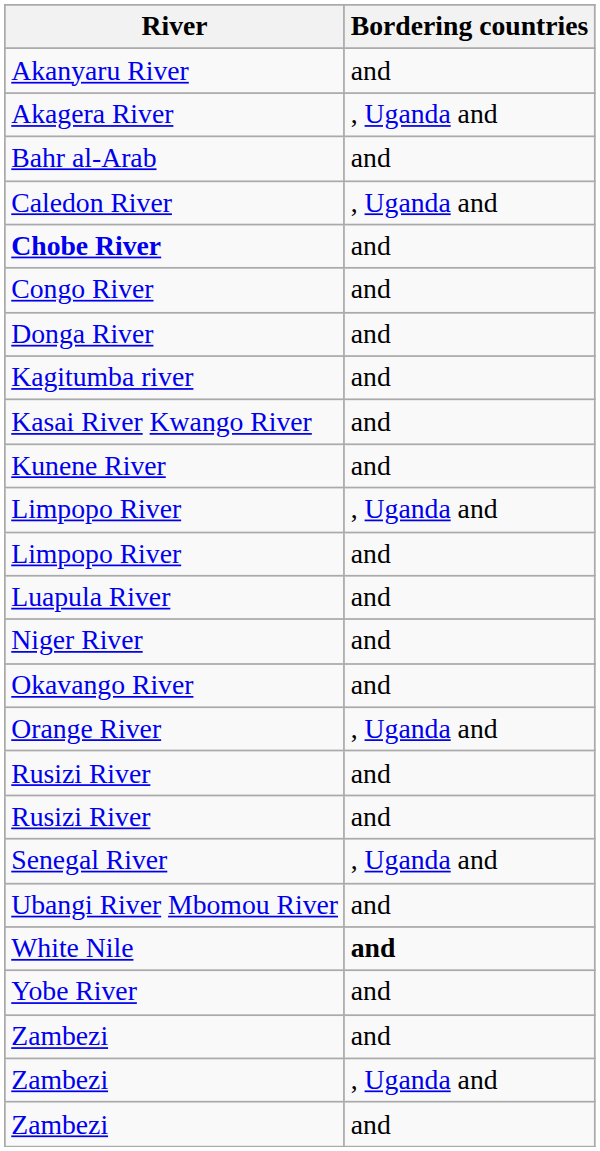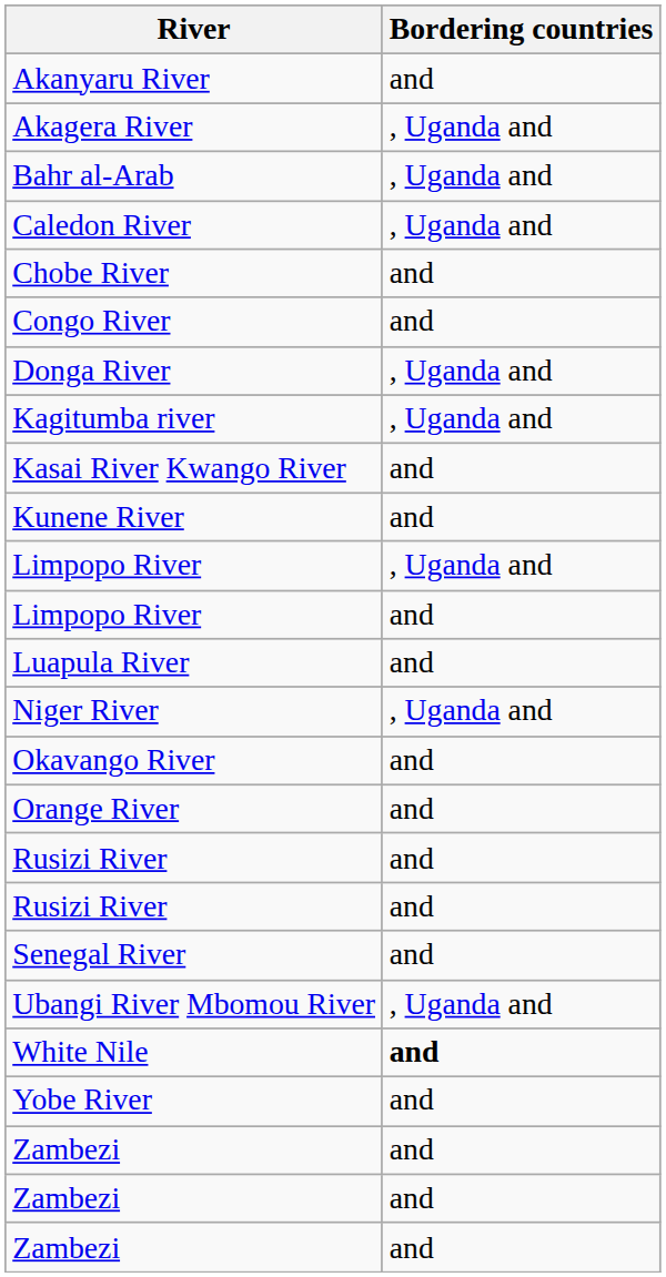 <table class="wikitable sortable">
 <tr>
 <th>River</th>
 <th>Bordering countries</th>
 </tr>
 <tr>
 <td><a href='#'>Akanyaru River</a></td>
 <td> and </td>
 </tr>
 <tr>
 <td><a href='#'>Akagera River</a></td>
 <td>, <a href='#'>Uganda</a> and </td>
 </tr>
 <tr>
 <td><a href='#'>Bahr al-Arab</a></td>
-<td> and </td>
+<td>, <a href='#'>Uganda</a> and </td>
 </tr>
 <tr>
 <td><a href='#'>Caledon River</a></td>
 <td>, <a href='#'>Uganda</a> and </td>
 </tr>
 <tr>
-<td><strong><a href='#'>Chobe River</a></strong></td>
+<td><a href='#'>Chobe River</a></td>
 <td> and </td>
 </tr>
 <tr>
 <td><a href='#'>Congo River</a></td>
 <td> and </td>
 </tr>
 <tr>
 <td><a href='#'>Donga River</a></td>
-<td> and </td>
+<td>, <a href='#'>Uganda</a> and </td>
 </tr>
 <tr>
 <td><a href='#'>Kagitumba river</a></td>
-<td> and </td>
+<td>, <a href='#'>Uganda</a> and </td>
 </tr>
 <tr>
 <td><a href='#'>Kasai River</a> <a href='#'>Kwango River</a></td>
 <td> and </td>
 </tr>
 <tr>
 <td><a href='#'>Kunene River</a></td>
 <td> and </td>
 </tr>
 <tr>
 <td><a href='#'>Limpopo River</a></td>
 <td>, <a href='#'>Uganda</a> and </td>
 </tr>
 <tr>
 <td><a href='#'>Limpopo River</a></td>
 <td> and </td>
 </tr>
 <tr>
 <td><a href='#'>Luapula River</a></td>
 <td> and </td>
 </tr>
 <tr>
 <td><a href='#'>Niger River</a></td>
-<td> and </td>
+<td>, <a href='#'>Uganda</a> and </td>
 </tr>
 <tr>
 <td><a href='#'>Okavango River</a></td>
 <td> and </td>
 </tr>
 <tr>
 <td><a href='#'>Orange River</a></td>
-<td>, <a href='#'>Uganda</a> and </td>
+<td> and </td>
 </tr>
 <tr>
 <td><a href='#'>Rusizi River</a></td>
 <td> and </td>
 </tr>
 <tr>
 <td><a href='#'>Rusizi River</a></td>
 <td> and </td>
 </tr>
 <tr>
 <td><a href='#'>Senegal River</a></td>
-<td>, <a href='#'>Uganda</a> and </td>
+<td> and </td>
 </tr>
 <tr>
 <td><a href='#'>Ubangi River</a> <a href='#'>Mbomou River</a></td>
-<td> and </td>
+<td>, <a href='#'>Uganda</a> and </td>
 </tr>
 <tr>
 <td><a href='#'>White Nile</a></td>
 <td><strong> and </strong></td>
 </tr>
 <tr>
 <td><a href='#'>Yobe River</a></td>
 <td> and </td>
 </tr>
 <tr>
 <td><a href='#'>Zambezi</a></td>
 <td> and </td>
 </tr>
 <tr>
 <td><a href='#'>Zambezi</a></td>
-<td>, <a href='#'>Uganda</a> and </td>
+<td> and </td>
 </tr>
 <tr>
 <td><a href='#'>Zambezi</a></td>
 <td> and </td>
 </tr>
 </table>
